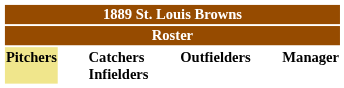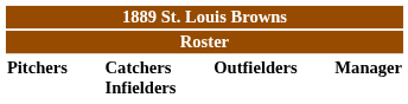 <table class="toccolours" style="font-size: 95%;">
 <tr>
 <th colspan="10" style="background-color: #964B00; color: white; text-align: center;">1889 St. Louis Browns</th>
 </tr>
 <tr>
 <td colspan="10" style="background-color: #964B00; color: white; text-align: center;"><strong>Roster</strong></td>
 </tr>
 <tr>
-<td valign="top" style="background: khaki;"><strong>Pitchers</strong><br>     </td>
+<td valign="top"><strong>Pitchers</strong><br>     </td>
 <td width="25px"></td>
 <td valign="top"><strong>Catchers</strong><br>    <strong>Infielders</strong>      </td>
 <td width="25px"></td>
 <td valign="top"><strong>Outfielders</strong><br>    </td>
 <td width="25px"></td>
 <td valign="top"><strong>Manager</strong><br></td>
 </tr>
 </table>
